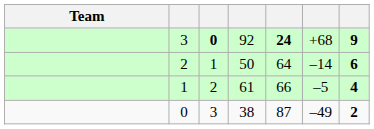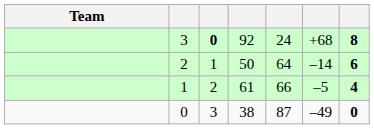 <table class="wikitable" style="text-align:center;">
 <tr>
 <th style="width:10.5em;">Team</th>
 <th style="width:1.5em;"></th>
 <th style="width:1.5em;"></th>
 <th style="width:2.0em;"></th>
 <th style="width:2.0em;"></th>
 <th style="width:2.0em;"></th>
 <th style="width:1.5em;"></th>
 </tr>
 <tr bgcolor=#cfc>
 <td align="left"></td>
 <td>3</td>
 <td><strong>0</strong></td>
 <td>92</td>
-<td><strong>24</strong></td>
+<td>24</td>
 <td>+68</td>
-<td><strong>9</strong></td>
+<td><strong>8</strong></td>
 </tr>
 <tr bgcolor=#cfc>
 <td align="left"></td>
 <td>2</td>
 <td>1</td>
 <td>50</td>
 <td>64</td>
 <td>–14</td>
 <td><strong>6</strong></td>
 </tr>
 <tr bgcolor=#cfc>
 <td align="left"></td>
 <td>1</td>
 <td>2</td>
 <td>61</td>
 <td>66</td>
 <td>–5</td>
 <td><strong>4</strong></td>
 </tr>
 <tr>
 <td align="left"></td>
 <td>0</td>
 <td>3</td>
 <td>38</td>
 <td>87</td>
 <td>–49</td>
-<td><strong>2</strong></td>
+<td><strong>0</strong></td>
 </tr>
 </table>
